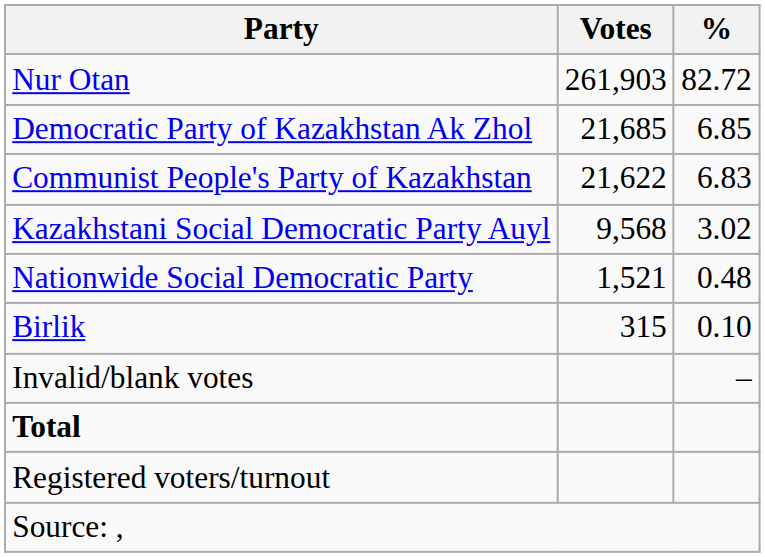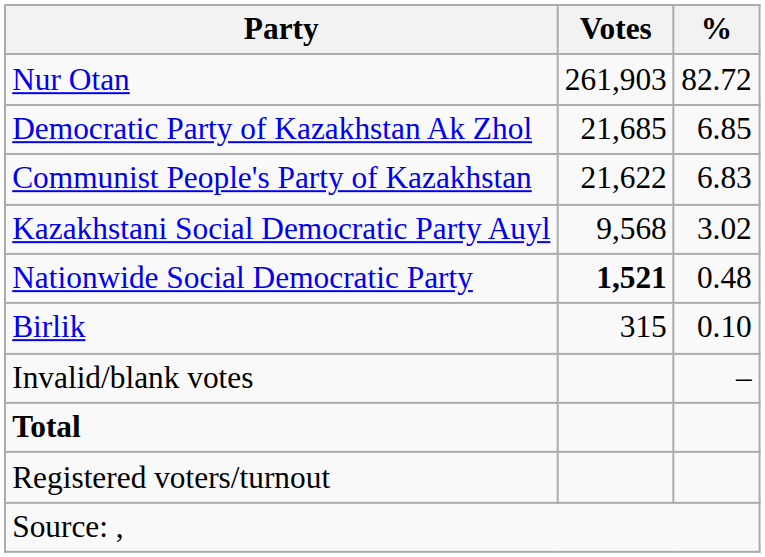 <table class=wikitable style=text-align:right>
 <tr>
 <th>Party</th>
 <th>Votes</th>
 <th>%</th>
 </tr>
 <tr>
 <td align=left><a href='#'>Nur Otan</a></td>
 <td>261,903</td>
 <td>82.72</td>
 </tr>
 <tr>
 <td align=left><a href='#'>Democratic Party of Kazakhstan Ak Zhol</a></td>
 <td>21,685</td>
 <td>6.85</td>
 </tr>
 <tr>
 <td align=left><a href='#'>Communist People's Party of Kazakhstan</a></td>
 <td>21,622</td>
 <td>6.83</td>
 </tr>
 <tr>
 <td align=left><a href='#'>Kazakhstani Social Democratic Party Auyl</a></td>
 <td>9,568</td>
 <td>3.02</td>
 </tr>
 <tr>
 <td align=left><a href='#'>Nationwide Social Democratic Party</a></td>
-<td>1,521</td>
+<td><strong>1,521</strong></td>
 <td>0.48</td>
 </tr>
 <tr>
 <td align=left><a href='#'>Birlik</a></td>
 <td>315</td>
 <td>0.10</td>
 </tr>
 <tr>
 <td align=left>Invalid/blank votes</td>
 <td></td>
 <td>–</td>
 </tr>
 <tr>
 <td align=left><strong>Total</strong></td>
 <td></td>
 <td></td>
 </tr>
 <tr>
 <td align=left>Registered voters/turnout</td>
 <td></td>
 <td></td>
 </tr>
 <tr>
 <td style="text-align:left;" colspan="5">Source: , </td>
 </tr>
 </table>
